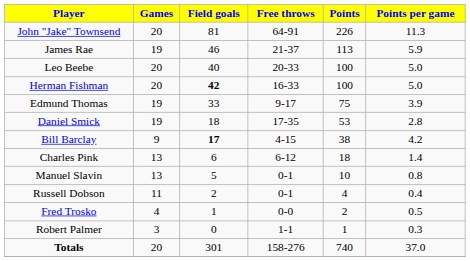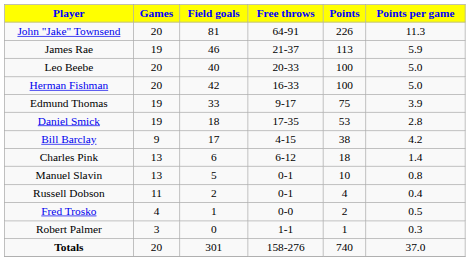 <table class="wikitable" width="650">
 <tr align="center"  style="background:yellow;color:blue;">
 <td><strong>Player</strong></td>
 <td><strong>Games</strong></td>
 <td><strong>Field goals</strong></td>
 <td><strong>Free throws</strong></td>
 <td><strong>Points</strong></td>
 <td><strong>Points per game</strong></td>
 </tr>
 <tr align="center" bgcolor="">
 <td><a href='#'>John "Jake" Townsend</a></td>
 <td>20</td>
 <td>81</td>
 <td>64-91</td>
 <td>226</td>
 <td>11.3</td>
 </tr>
 <tr align="center" bgcolor="">
 <td>James Rae</td>
 <td>19</td>
 <td>46</td>
 <td>21-37</td>
 <td>113</td>
 <td>5.9</td>
 </tr>
 <tr align="center" bgcolor="">
 <td>Leo Beebe</td>
 <td>20</td>
 <td>40</td>
 <td>20-33</td>
 <td>100</td>
 <td>5.0</td>
 </tr>
 <tr align="center" bgcolor="">
 <td><a href='#'>Herman Fishman</a></td>
 <td>20</td>
-<td><strong>42</strong></td>
+<td>42</td>
 <td>16-33</td>
 <td>100</td>
 <td>5.0</td>
 </tr>
 <tr align="center" bgcolor="">
 <td>Edmund Thomas</td>
 <td>19</td>
 <td>33</td>
 <td>9-17</td>
 <td>75</td>
 <td>3.9</td>
 </tr>
 <tr align="center" bgcolor="">
 <td><a href='#'>Daniel Smick</a></td>
 <td>19</td>
 <td>18</td>
 <td>17-35</td>
 <td>53</td>
 <td>2.8</td>
 </tr>
 <tr align="center" bgcolor="">
 <td><a href='#'>Bill Barclay</a></td>
 <td>9</td>
-<td><strong>17</strong></td>
+<td>17</td>
 <td>4-15</td>
 <td>38</td>
 <td>4.2</td>
 </tr>
 <tr align="center" bgcolor="">
 <td>Charles Pink</td>
 <td>13</td>
 <td>6</td>
 <td>6-12</td>
 <td>18</td>
 <td>1.4</td>
 </tr>
 <tr align="center" bgcolor="">
 <td>Manuel Slavin</td>
 <td>13</td>
 <td>5</td>
 <td>0-1</td>
 <td>10</td>
 <td>0.8</td>
 </tr>
 <tr align="center" bgcolor="">
 <td>Russell Dobson</td>
 <td>11</td>
 <td>2</td>
 <td>0-1</td>
 <td>4</td>
 <td>0.4</td>
 </tr>
 <tr align="center" bgcolor="">
 <td><a href='#'>Fred Trosko</a></td>
 <td>4</td>
 <td>1</td>
 <td>0-0</td>
 <td>2</td>
 <td>0.5</td>
 </tr>
 <tr align="center" bgcolor="">
 <td>Robert Palmer</td>
 <td>3</td>
 <td>0</td>
 <td>1-1</td>
 <td>1</td>
 <td>0.3</td>
 </tr>
 <tr align="center" bgcolor="">
 <td><strong>Totals</strong></td>
 <td>20</td>
 <td>301</td>
 <td>158-276</td>
 <td>740</td>
 <td>37.0</td>
 </tr>
 <tr align="center" bgcolor="">
 </tr>
 </table>
